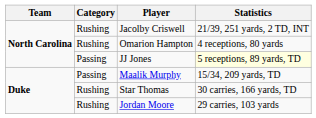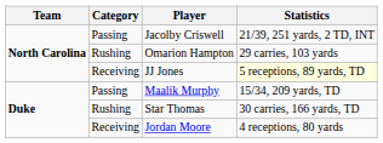 <table class="wikitable" style="float: right;">
 <tr>
 <th>Team</th>
 <th>Category</th>
 <th>Player</th>
 <th>Statistics</th>
 </tr>
 <tr>
 <td rowspan=3><strong>North Carolina</strong></td>
-<td>Rushing</td>
+<td>Passing</td>
 <td>Jacolby Criswell</td>
 <td>21/39, 251 yards, 2 TD, INT</td>
 </tr>
 <tr>
 <td>Rushing</td>
 <td>Omarion Hampton</td>
-<td>4 receptions, 80 yards</td>
+<td>29 carries, 103 yards</td>
 </tr>
 <tr>
-<td>Passing</td>
+<td>Receiving</td>
 <td>JJ Jones</td>
 <td style="background: lightyellow;">5 receptions, 89 yards, TD</td>
 </tr>
 <tr>
 <td rowspan=3><strong>Duke</strong></td>
 <td>Passing</td>
 <td><a href='#'>Maalik Murphy</a></td>
 <td>15/34, 209 yards, TD</td>
 </tr>
 <tr>
 <td>Rushing</td>
 <td>Star Thomas</td>
 <td>30 carries, 166 yards, TD</td>
 </tr>
 <tr>
-<td>Rushing</td>
+<td>Receiving</td>
 <td><a href='#'>Jordan Moore</a></td>
-<td>29 carries, 103 yards</td>
+<td>4 receptions, 80 yards</td>
 </tr>
 </table>
